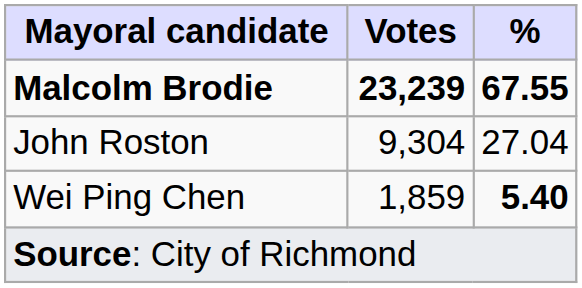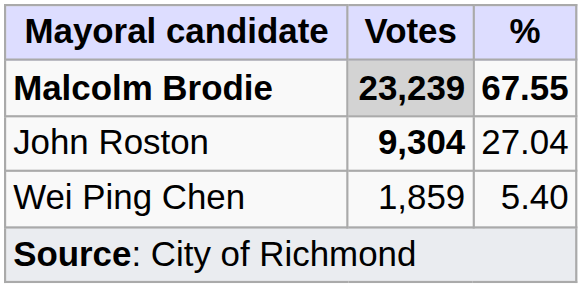 <table class="wikitable" style="text-align:right;">
 <tr>
 <th style="background:#ddf;" width="150px">Mayoral candidate</th>
 <th style="background:#ddf;" width="50px">Votes</th>
 <th style="background:#ddf;" width="30px">%</th>
 </tr>
 <tr>
 <td style="text-align:left;"><strong>Malcolm Brodie</strong></td>
-<td><strong>23,239</strong></td>
+<td style="background: lightgrey;"><strong>23,239</strong></td>
 <td><strong>67.55</strong></td>
 </tr>
 <tr>
 <td style="text-align:left;">John Roston</td>
-<td>9,304</td>
+<td><strong>9,304</strong></td>
 <td>27.04</td>
 </tr>
 <tr>
 <td style="text-align:left;">Wei Ping Chen</td>
 <td>1,859</td>
-<td><strong>5.40</strong></td>
+<td>5.40</td>
 </tr>
 <tr>
 <td style="background:#eaecf0; text-align:left;" colspan="5"><strong>Source</strong>: City of Richmond</td>
 </tr>
 </table>
